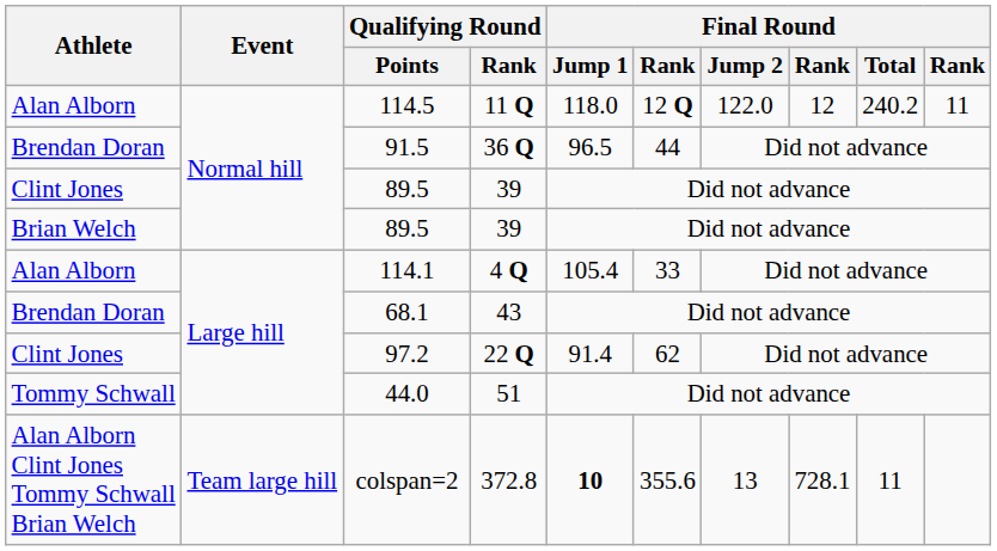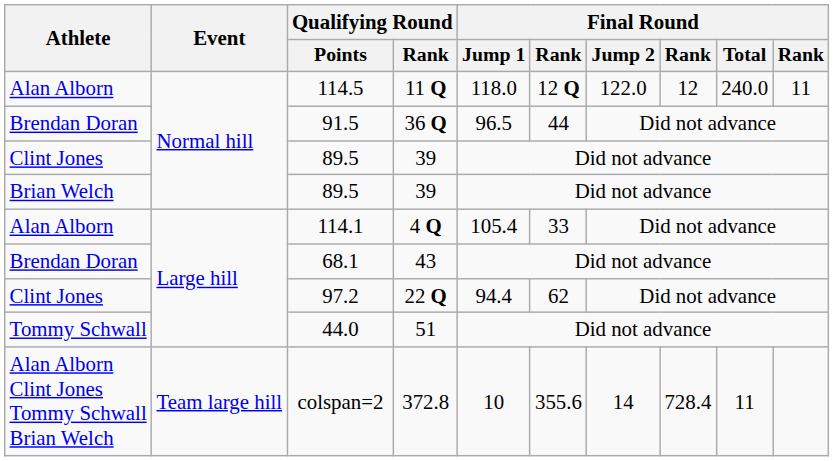 <table class=wikitable style=font-size:90%;text-align:center>
 <tr>
 <th rowspan=2>Athlete</th>
 <th rowspan=2>Event</th>
 <th colspan=2>Qualifying Round</th>
 <th colspan=6>Final Round</th>
 </tr>
 <tr style=font-size:95%>
 <th>Points</th>
 <th>Rank</th>
 <th>Jump 1</th>
 <th>Rank</th>
 <th>Jump 2</th>
 <th>Rank</th>
 <th>Total</th>
 <th>Rank</th>
 </tr>
 <tr>
 <td align=left><a href='#'>Alan Alborn</a></td>
 <td align=left rowspan=4><a href='#'>Normal hill</a></td>
 <td>114.5</td>
 <td>11 <strong>Q</strong></td>
 <td>118.0</td>
 <td>12 <strong>Q</strong></td>
 <td>122.0</td>
 <td>12</td>
-<td>240.2</td>
+<td>240.0</td>
 <td>11</td>
 </tr>
 <tr>
 <td align=left><a href='#'>Brendan Doran</a></td>
 <td>91.5</td>
 <td>36 <strong>Q</strong></td>
 <td>96.5</td>
 <td>44</td>
 <td colspan=4>Did not advance</td>
 </tr>
 <tr>
 <td align=left><a href='#'>Clint Jones</a></td>
 <td>89.5</td>
 <td>39</td>
 <td colspan=6>Did not advance</td>
 </tr>
 <tr>
 <td align=left><a href='#'>Brian Welch</a></td>
 <td>89.5</td>
 <td>39</td>
 <td colspan=6>Did not advance</td>
 </tr>
 <tr>
 <td align=left><a href='#'>Alan Alborn</a></td>
 <td align=left rowspan=4><a href='#'>Large hill</a></td>
 <td>114.1</td>
 <td>4 <strong>Q</strong></td>
 <td>105.4</td>
 <td>33</td>
 <td colspan=4>Did not advance</td>
 </tr>
 <tr>
 <td align=left><a href='#'>Brendan Doran</a></td>
 <td>68.1</td>
 <td>43</td>
 <td colspan=6>Did not advance</td>
 </tr>
 <tr>
 <td align=left><a href='#'>Clint Jones</a></td>
 <td>97.2</td>
 <td>22 <strong>Q</strong></td>
-<td>91.4</td>
+<td>94.4</td>
 <td>62</td>
 <td colspan=4>Did not advance</td>
 </tr>
 <tr>
 <td align=left><a href='#'>Tommy Schwall</a></td>
 <td>44.0</td>
 <td>51</td>
 <td colspan=6>Did not advance</td>
 </tr>
 <tr>
 <td align=left><a href='#'>Alan Alborn</a><br><a href='#'>Clint Jones</a><br><a href='#'>Tommy Schwall</a><br><a href='#'>Brian Welch</a></td>
 <td align=left><a href='#'>Team large hill</a></td>
 <td>colspan=2 </td>
 <td>372.8</td>
-<td><strong>10</strong></td>
+<td>10</td>
 <td>355.6</td>
-<td>13</td>
-<td>728.1</td>
+<td>14</td>
+<td>728.4</td>
 <td>11</td>
 </tr>
 </table>
